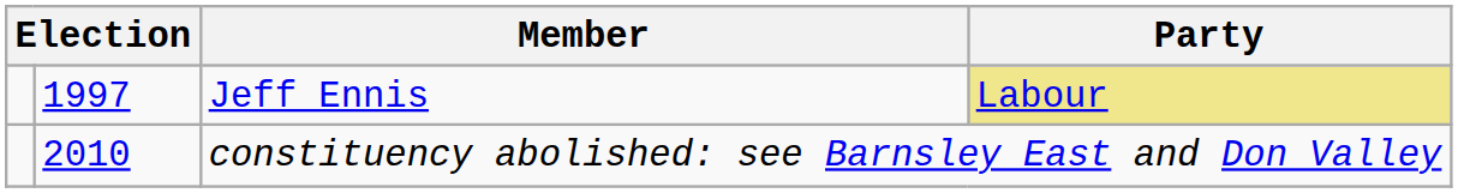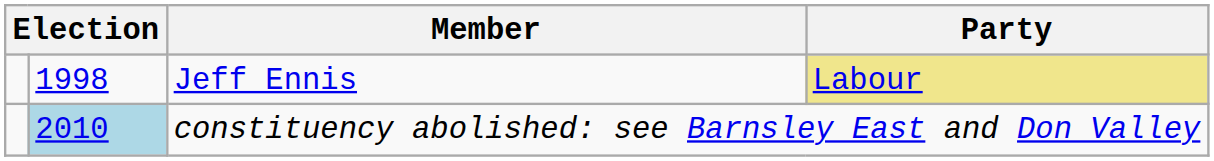 <table class="wikitable">
 <tr>
 <th colspan="2">Election</th>
 <th>Member </th>
 <th>Party</th>
 </tr>
 <tr>
 <td style="color:inherit;background-color: "></td>
-<td><a href='#'>1997</a></td>
+<td><a href='#'>1998</a></td>
 <td><a href='#'>Jeff Ennis</a></td>
 <td style="background: khaki;"><a href='#'>Labour</a></td>
 </tr>
 <tr>
 <td></td>
-<td><a href='#'>2010</a></td>
+<td style="background: lightblue;"><a href='#'>2010</a></td>
 <td colspan="2"><em>constituency abolished: see <a href='#'>Barnsley East</a> and <a href='#'>Don Valley</a></em></td>
 </tr>
 </table>
